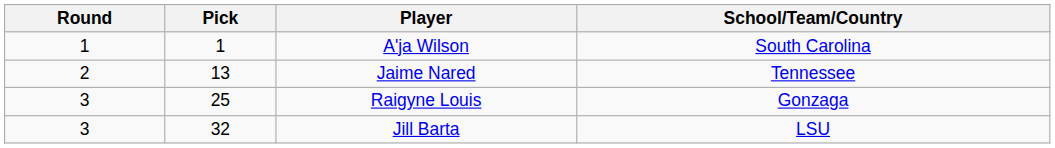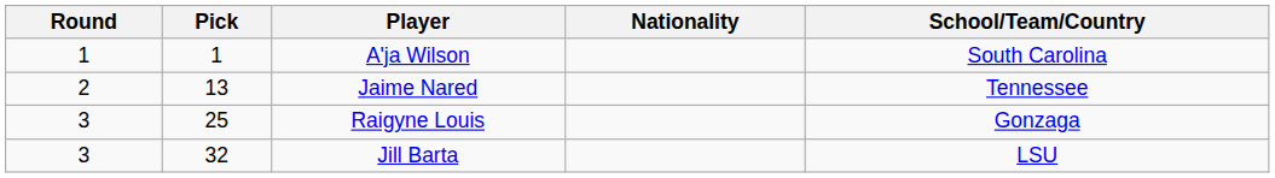 <table class="wikitable" style="text-align:center; width:60em">
 <tr>
 <th>Round</th>
 <th>Pick</th>
 <th>Player</th>
+<th>Nationality</th>
 <th>School/Team/Country</th>
 </tr>
 <tr>
 <td>1</td>
 <td>1</td>
 <td><a href='#'>A'ja Wilson</a></td>
+<td></td>
 <td><a href='#'>South Carolina</a></td>
 </tr>
 <tr>
 <td>2</td>
 <td>13</td>
 <td><a href='#'>Jaime Nared</a></td>
+<td></td>
 <td><a href='#'>Tennessee</a></td>
 </tr>
 <tr>
 <td>3</td>
 <td>25</td>
 <td><a href='#'>Raigyne Louis</a></td>
+<td></td>
 <td><a href='#'>Gonzaga</a></td>
 </tr>
 <tr>
 <td>3</td>
 <td>32</td>
 <td><a href='#'>Jill Barta</a></td>
+<td></td>
 <td><a href='#'>LSU</a></td>
 </tr>
 </table>
